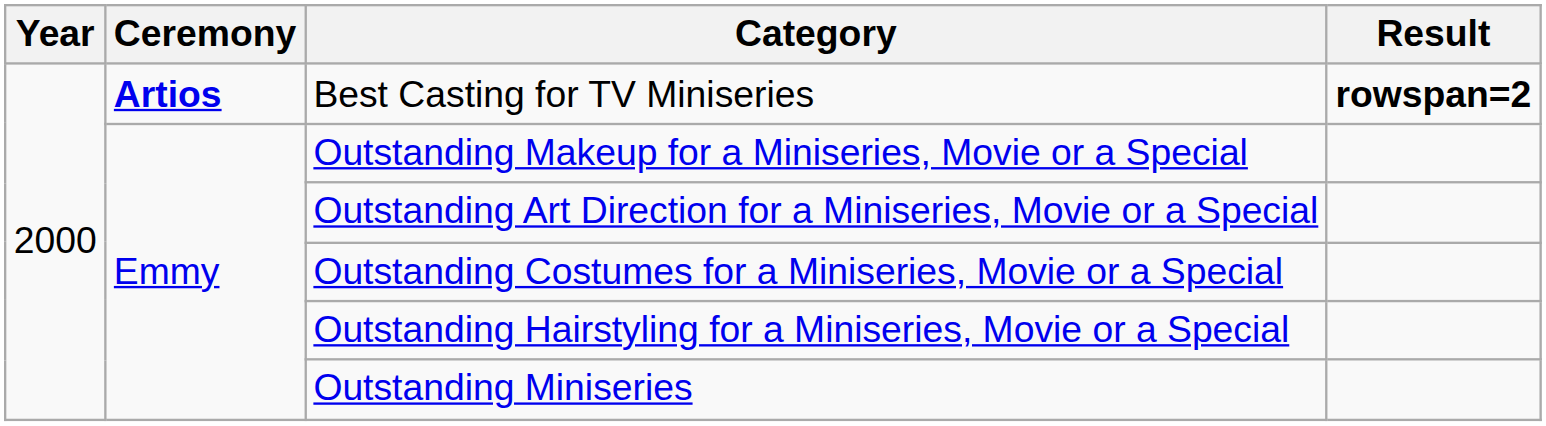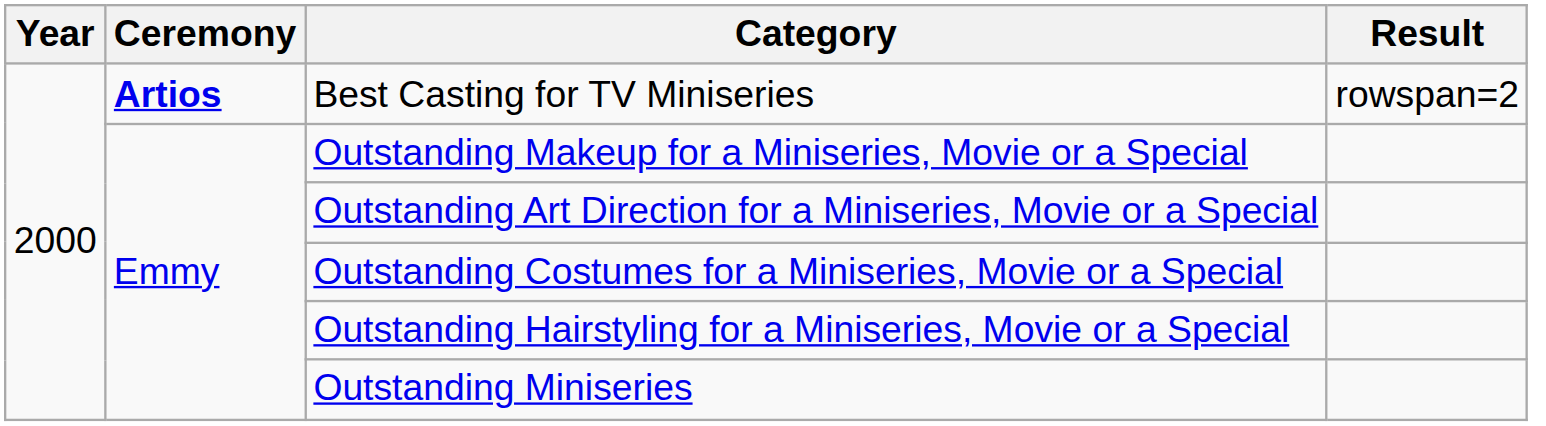 <table class="wikitable">
 <tr>
 <th>Year</th>
 <th>Ceremony</th>
 <th>Category</th>
 <th>Result</th>
 </tr>
 <tr>
 <td rowspan=6>2000</td>
 <td><strong><a href='#'>Artios</a></strong></td>
 <td>Best Casting for TV Miniseries</td>
-<td><strong>rowspan=2 </strong></td>
+<td>rowspan=2 </td>
 </tr>
 <tr>
 <td rowspan=5><a href='#'>Emmy</a></td>
 <td><a href='#'>Outstanding Makeup for a Miniseries, Movie or a Special</a></td>
 </tr>
 <tr>
 <td><a href='#'>Outstanding Art Direction for a Miniseries, Movie or a Special</a></td>
 <td></td>
 </tr>
 <tr>
 <td><a href='#'>Outstanding Costumes for a Miniseries, Movie or a Special</a></td>
 <td></td>
 </tr>
 <tr>
 <td><a href='#'>Outstanding Hairstyling for a Miniseries, Movie or a Special</a></td>
 <td></td>
 </tr>
 <tr>
 <td><a href='#'>Outstanding Miniseries</a></td>
 <td></td>
 </tr>
 </table>
